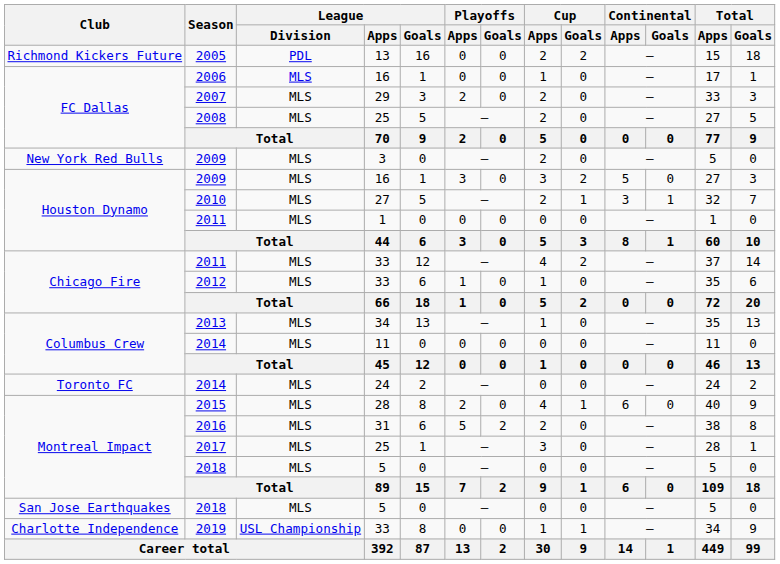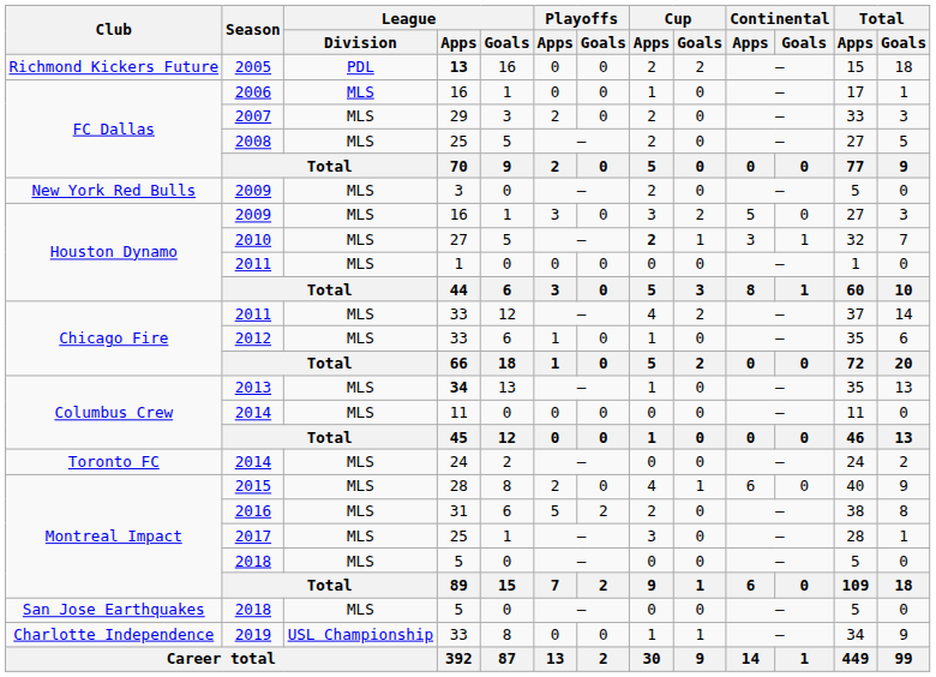 <table class="wikitable" style="text-align:center">
 <tr>
 <th rowspan="2">Club</th>
 <th rowspan="2">Season</th>
 <th colspan="3">League</th>
 <th colspan="2">Playoffs</th>
 <th colspan="2">Cup</th>
 <th colspan="2">Continental</th>
 <th colspan="2">Total</th>
 </tr>
 <tr>
 <th>Division</th>
 <th>Apps</th>
 <th>Goals</th>
 <th>Apps</th>
 <th>Goals</th>
 <th>Apps</th>
 <th>Goals</th>
 <th>Apps</th>
 <th>Goals</th>
 <th>Apps</th>
 <th>Goals</th>
 </tr>
 <tr>
 <td><a href='#'>Richmond Kickers Future</a></td>
 <td><a href='#'>2005</a></td>
 <td><a href='#'>PDL</a></td>
-<td>13</td>
+<td><strong>13</strong></td>
 <td>16</td>
 <td>0</td>
 <td>0</td>
 <td>2</td>
 <td>2</td>
 <td colspan="2">—</td>
 <td>15</td>
 <td>18</td>
 </tr>
 <tr>
 <td rowspan="4"><a href='#'>FC Dallas</a></td>
 <td><a href='#'>2006</a></td>
 <td><a href='#'>MLS</a></td>
 <td>16</td>
 <td>1</td>
 <td>0</td>
 <td>0</td>
 <td>1</td>
 <td>0</td>
 <td colspan="2">—</td>
 <td>17</td>
 <td>1</td>
 </tr>
 <tr>
 <td><a href='#'>2007</a></td>
 <td>MLS</td>
 <td>29</td>
 <td>3</td>
 <td>2</td>
 <td>0</td>
 <td>2</td>
 <td>0</td>
 <td colspan="2">—</td>
 <td>33</td>
 <td>3</td>
 </tr>
 <tr>
 <td><a href='#'>2008</a></td>
 <td>MLS</td>
 <td>25</td>
 <td>5</td>
 <td colspan="2">—</td>
 <td>2</td>
 <td>0</td>
 <td colspan="2">—</td>
 <td>27</td>
 <td>5</td>
 </tr>
 <tr>
 <th colspan="2">Total</th>
 <th>70</th>
 <th>9</th>
 <th>2</th>
 <th>0</th>
 <th>5</th>
 <th>0</th>
 <th>0</th>
 <th>0</th>
 <th>77</th>
 <th>9</th>
 </tr>
 <tr>
 <td><a href='#'>New York Red Bulls</a></td>
 <td><a href='#'>2009</a></td>
 <td>MLS</td>
 <td>3</td>
 <td>0</td>
 <td colspan="2">—</td>
 <td>2</td>
 <td>0</td>
 <td colspan="2">—</td>
 <td>5</td>
 <td>0</td>
 </tr>
 <tr>
 <td rowspan="4"><a href='#'>Houston Dynamo</a></td>
 <td><a href='#'>2009</a></td>
 <td>MLS</td>
 <td>16</td>
 <td>1</td>
 <td>3</td>
 <td>0</td>
 <td>3</td>
 <td>2</td>
 <td>5</td>
 <td>0</td>
 <td>27</td>
 <td>3</td>
 </tr>
 <tr>
 <td><a href='#'>2010</a></td>
 <td>MLS</td>
 <td>27</td>
 <td>5</td>
 <td colspan="2">—</td>
-<td>2</td>
+<td><strong>2</strong></td>
 <td>1</td>
 <td>3</td>
 <td>1</td>
 <td>32</td>
 <td>7</td>
 </tr>
 <tr>
 <td><a href='#'>2011</a></td>
 <td>MLS</td>
 <td>1</td>
 <td>0</td>
 <td>0</td>
 <td>0</td>
 <td>0</td>
 <td>0</td>
 <td colspan="2">—</td>
 <td>1</td>
 <td>0</td>
 </tr>
 <tr>
 <th colspan="2">Total</th>
 <th>44</th>
 <th>6</th>
 <th>3</th>
 <th>0</th>
 <th>5</th>
 <th>3</th>
 <th>8</th>
 <th>1</th>
 <th>60</th>
 <th>10</th>
 </tr>
 <tr>
 <td rowspan="3"><a href='#'>Chicago Fire</a></td>
 <td><a href='#'>2011</a></td>
 <td>MLS</td>
 <td>33</td>
 <td>12</td>
 <td colspan="2">—</td>
 <td>4</td>
 <td>2</td>
 <td colspan="2">—</td>
 <td>37</td>
 <td>14</td>
 </tr>
 <tr>
 <td><a href='#'>2012</a></td>
 <td>MLS</td>
 <td>33</td>
 <td>6</td>
 <td>1</td>
 <td>0</td>
 <td>1</td>
 <td>0</td>
 <td colspan="2">—</td>
 <td>35</td>
 <td>6</td>
 </tr>
 <tr>
 <th colspan="2">Total</th>
 <th>66</th>
 <th>18</th>
 <th>1</th>
 <th>0</th>
 <th>5</th>
 <th>2</th>
 <th>0</th>
 <th>0</th>
 <th>72</th>
 <th>20</th>
 </tr>
 <tr>
 <td rowspan="3"><a href='#'>Columbus Crew</a></td>
 <td><a href='#'>2013</a></td>
 <td>MLS</td>
-<td>34</td>
+<td><strong>34</strong></td>
 <td>13</td>
 <td colspan="2">—</td>
 <td>1</td>
 <td>0</td>
 <td colspan="2">—</td>
 <td>35</td>
 <td>13</td>
 </tr>
 <tr>
 <td><a href='#'>2014</a></td>
 <td>MLS</td>
 <td>11</td>
 <td>0</td>
 <td>0</td>
 <td>0</td>
 <td>0</td>
 <td>0</td>
 <td colspan="2">—</td>
 <td>11</td>
 <td>0</td>
 </tr>
 <tr>
 <th colspan="2">Total</th>
 <th>45</th>
 <th>12</th>
 <th>0</th>
 <th>0</th>
 <th>1</th>
 <th>0</th>
 <th>0</th>
 <th>0</th>
 <th>46</th>
 <th>13</th>
 </tr>
 <tr>
 <td><a href='#'>Toronto FC</a></td>
 <td><a href='#'>2014</a></td>
 <td>MLS</td>
 <td>24</td>
 <td>2</td>
 <td colspan="2">—</td>
 <td>0</td>
 <td>0</td>
 <td colspan="2">—</td>
 <td>24</td>
 <td>2</td>
 </tr>
 <tr>
 <td rowspan="5"><a href='#'>Montreal Impact</a></td>
 <td><a href='#'>2015</a></td>
 <td>MLS</td>
 <td>28</td>
 <td>8</td>
 <td>2</td>
 <td>0</td>
 <td>4</td>
 <td>1</td>
 <td>6</td>
 <td>0</td>
 <td>40</td>
 <td>9</td>
 </tr>
 <tr>
 <td><a href='#'>2016</a></td>
 <td>MLS</td>
 <td>31</td>
 <td>6</td>
 <td>5</td>
 <td>2</td>
 <td>2</td>
 <td>0</td>
 <td colspan="2">—</td>
 <td>38</td>
 <td>8</td>
 </tr>
 <tr>
 <td><a href='#'>2017</a></td>
 <td>MLS</td>
 <td>25</td>
 <td>1</td>
 <td colspan="2">—</td>
 <td>3</td>
 <td>0</td>
 <td colspan="2">—</td>
 <td>28</td>
 <td>1</td>
 </tr>
 <tr>
 <td><a href='#'>2018</a></td>
 <td>MLS</td>
 <td>5</td>
 <td>0</td>
 <td colspan="2">—</td>
 <td>0</td>
 <td>0</td>
 <td colspan="2">—</td>
 <td>5</td>
 <td>0</td>
 </tr>
 <tr>
 <th colspan="2">Total</th>
 <th>89</th>
 <th>15</th>
 <th>7</th>
 <th>2</th>
 <th>9</th>
 <th>1</th>
 <th>6</th>
 <th>0</th>
 <th>109</th>
 <th>18</th>
 </tr>
 <tr>
 <td><a href='#'>San Jose Earthquakes</a></td>
 <td><a href='#'>2018</a></td>
 <td>MLS</td>
 <td>5</td>
 <td>0</td>
 <td colspan="2">—</td>
 <td>0</td>
 <td>0</td>
 <td colspan="2">—</td>
 <td>5</td>
 <td>0</td>
 </tr>
 <tr>
 <td><a href='#'>Charlotte Independence</a></td>
 <td><a href='#'>2019</a></td>
 <td><a href='#'>USL Championship</a></td>
 <td>33</td>
 <td>8</td>
 <td>0</td>
 <td>0</td>
 <td>1</td>
 <td>1</td>
 <td colspan="2">—</td>
 <td>34</td>
 <td>9</td>
 </tr>
 <tr>
 <th colspan="3">Career total</th>
 <th>392</th>
 <th>87</th>
 <th>13</th>
 <th>2</th>
 <th>30</th>
 <th>9</th>
 <th>14</th>
 <th>1</th>
 <th>449</th>
 <th>99</th>
 </tr>
 </table>
